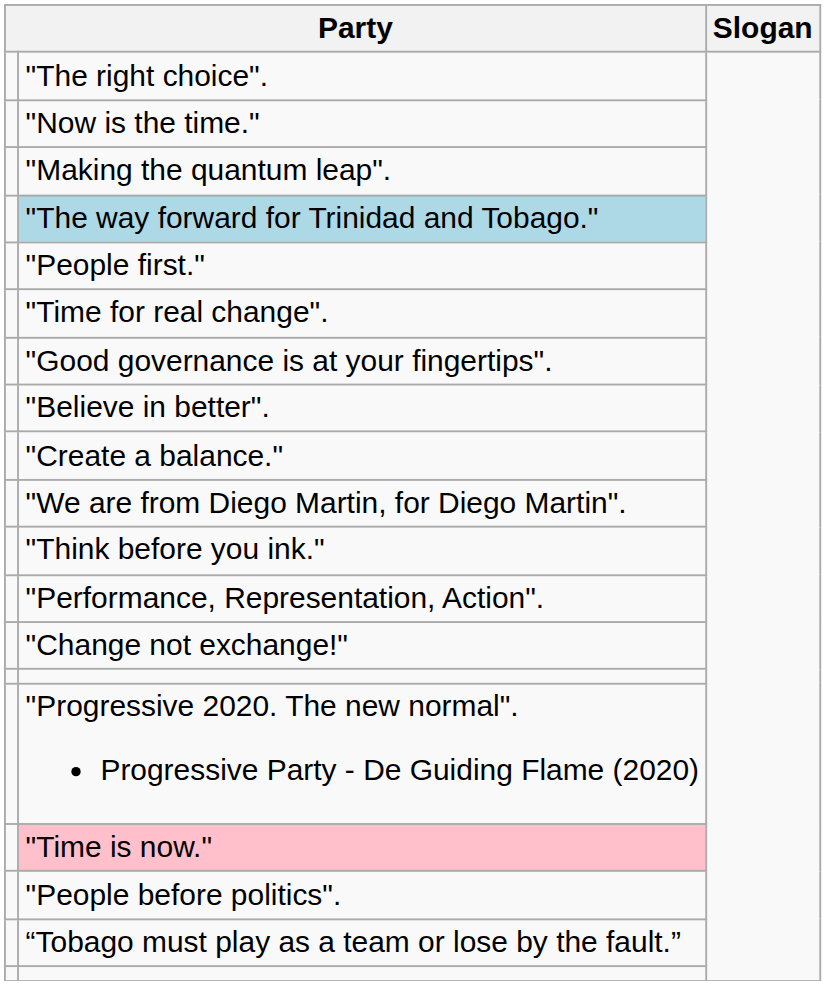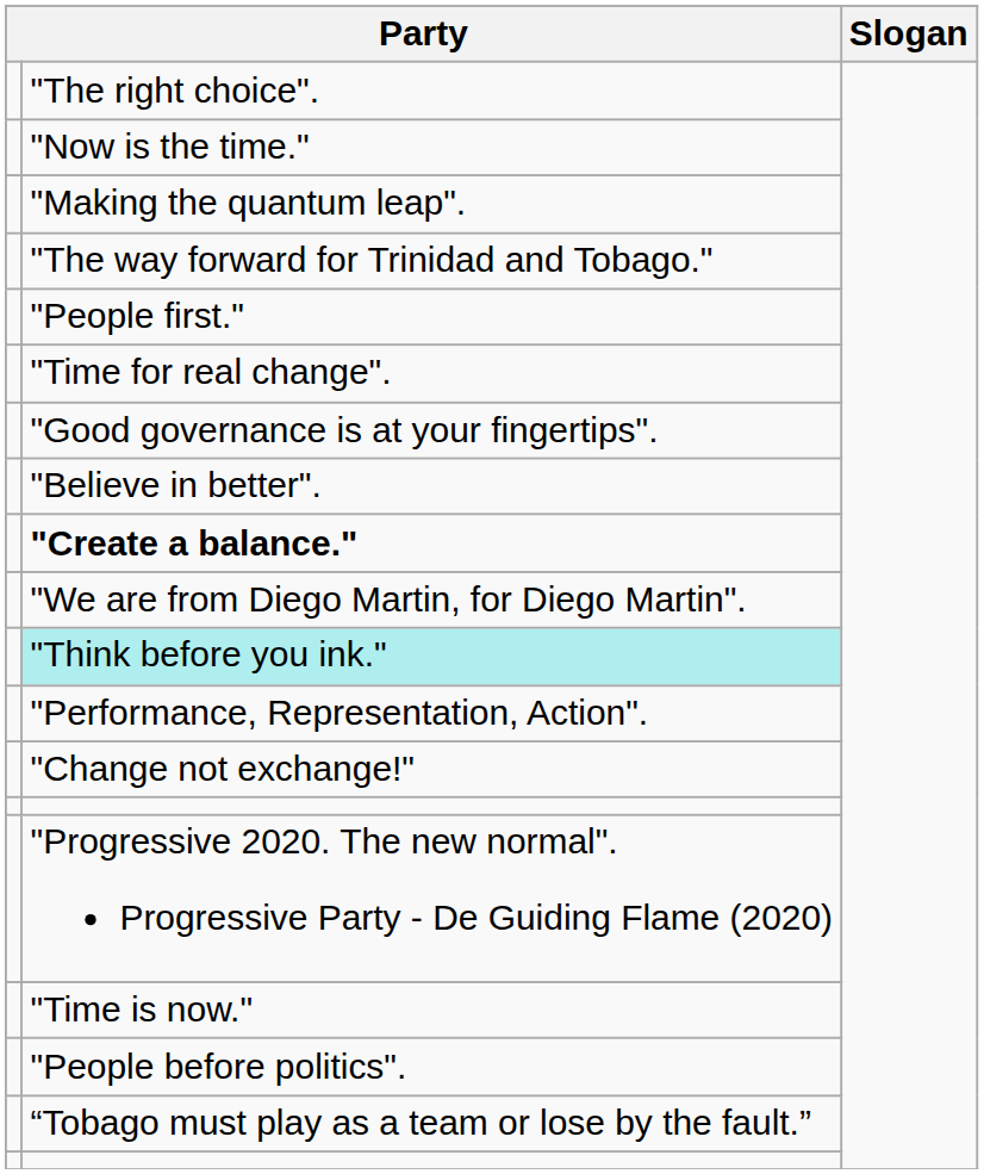 <table class="wikitable">
 <tr>
 <th colspan="2">Party</th>
 <th>Slogan</th>
 </tr>
 <tr>
 <td></td>
 <td>"The right choice".</td>
 </tr>
 <tr>
 <td></td>
 <td>"Now is the time."</td>
 </tr>
 <tr>
 <td></td>
 <td>"Making the quantum leap".</td>
 </tr>
 <tr>
 <td></td>
-<td style="background: lightblue;">"The way forward for Trinidad and Tobago."</td>
+<td>"The way forward for Trinidad and Tobago."</td>
 </tr>
 <tr>
 <td></td>
 <td>"People first."</td>
 </tr>
 <tr>
 <td></td>
 <td>"Time for real change".</td>
 </tr>
 <tr>
 <td></td>
 <td>"Good governance is at your fingertips".</td>
 </tr>
 <tr>
 <td></td>
 <td>"Believe in better".</td>
 </tr>
 <tr>
 <td></td>
-<td>"Create a balance."</td>
+<td><strong>"Create a balance."</strong></td>
 </tr>
 <tr>
 <td></td>
 <td>"We are from Diego Martin, for Diego Martin".</td>
 </tr>
 <tr>
 <td></td>
-<td>"Think before you ink."</td>
+<td style="background: paleturquoise;">"Think before you ink."</td>
 </tr>
 <tr>
 <td></td>
 <td>"Performance, Representation, Action".</td>
 </tr>
 <tr>
 <td></td>
 <td>"Change not exchange!"</td>
 </tr>
 <tr>
 <td></td>
 <td></td>
 </tr>
 <tr>
 <td></td>
 <td>"Progressive 2020. The new normal".<br><ul><li>Progressive Party - De Guiding Flame (2020)</li></ul></td>
 </tr>
 <tr>
 <td></td>
-<td style="background: pink;">"Time is now."</td>
+<td>"Time is now."</td>
 </tr>
 <tr>
 <td></td>
 <td>"People before politics".</td>
 </tr>
 <tr>
 <td></td>
 <td>“Tobago must play as a team or lose by the fault.”</td>
 </tr>
 <tr>
 <td></td>
 <td></td>
 </tr>
 </table>
